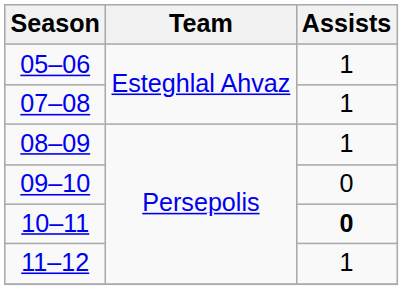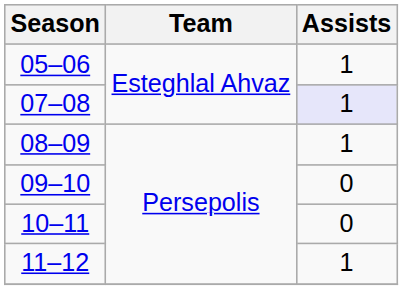 <table class="wikitable" style="text-align: center;">
 <tr>
 <th>Season</th>
 <th>Team</th>
 <th>Assists</th>
 </tr>
 <tr>
 <td><a href='#'>05–06</a></td>
 <td rowspan="2"><a href='#'>Esteghlal Ahvaz</a></td>
 <td>1</td>
 </tr>
 <tr>
 <td><a href='#'>07–08</a></td>
-<td>1</td>
+<td style="background: lavender;">1</td>
 </tr>
 <tr>
 <td><a href='#'>08–09</a></td>
 <td rowspan="4"><a href='#'>Persepolis</a></td>
 <td>1</td>
 </tr>
 <tr>
 <td><a href='#'>09–10</a></td>
 <td>0</td>
 </tr>
 <tr>
 <td><a href='#'>10–11</a></td>
-<td><strong>0</strong></td>
+<td>0</td>
 </tr>
 <tr>
 <td><a href='#'>11–12</a></td>
 <td>1</td>
 </tr>
 <tr>
 </tr>
 </table>
